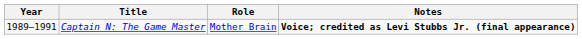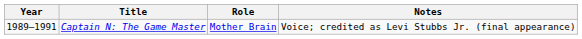 <table class="wikitable">
 <tr>
 <th>Year</th>
 <th>Title</th>
 <th>Role</th>
 <th>Notes</th>
 </tr>
 <tr>
 <td>1989–1991</td>
 <td><em><a href='#'>Captain N: The Game Master</a></em></td>
 <td rowspan="2"><a href='#'>Mother Brain</a></td>
-<td><strong>Voice; credited as Levi Stubbs Jr. (final appearance)</strong></td>
+<td>Voice; credited as Levi Stubbs Jr. (final appearance)</td>
 </tr>
 </table>
